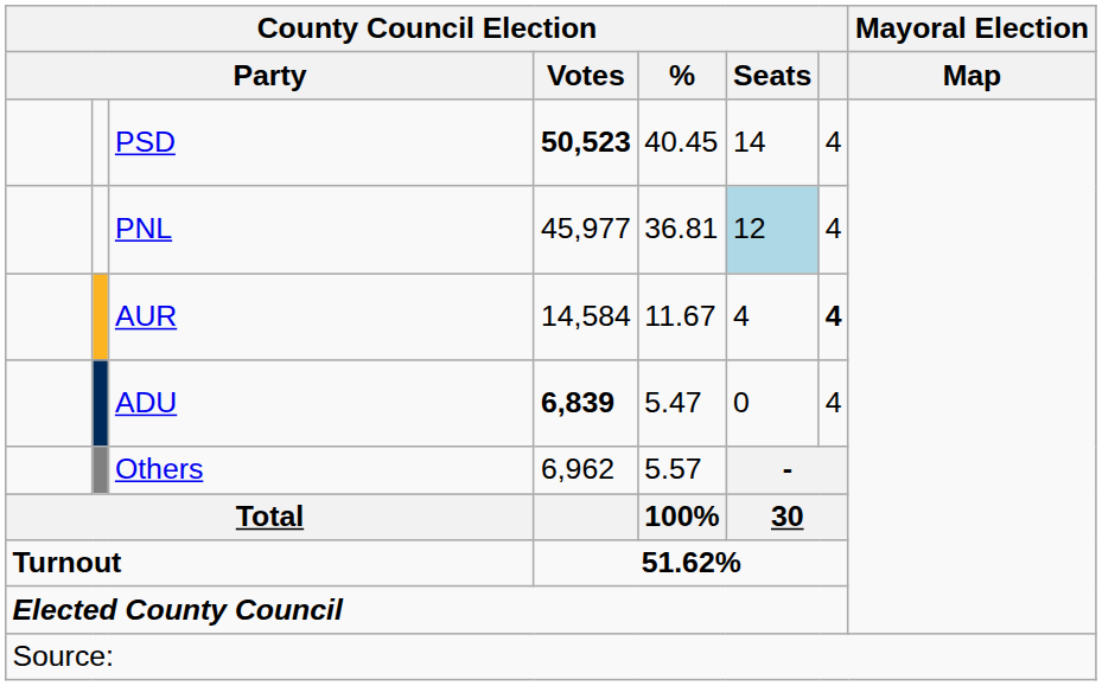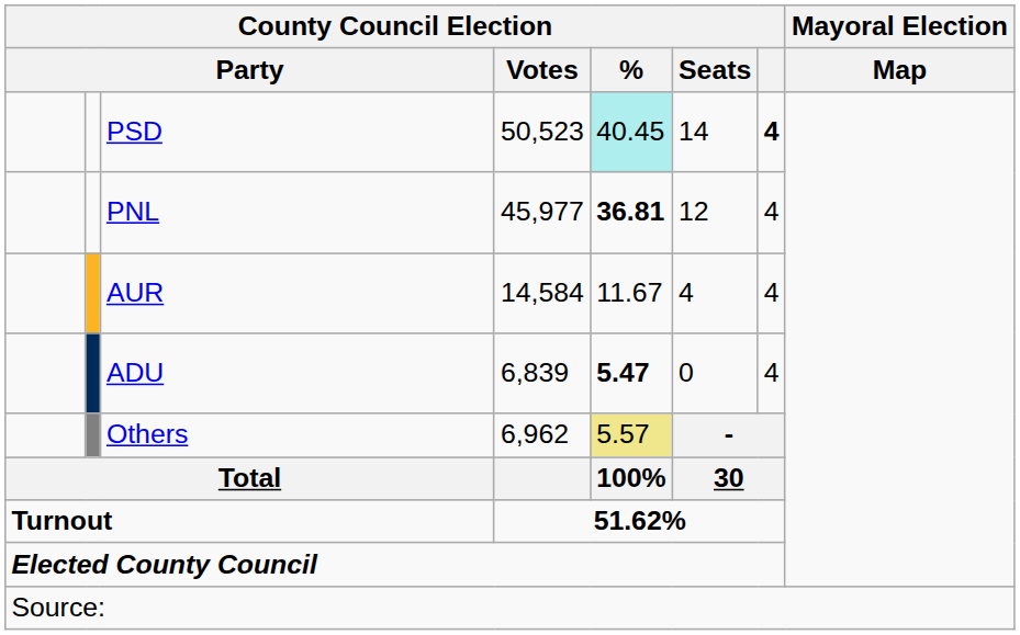 <table class="wikitable" style="text-align:left">
 <tr>
 <th colspan="7">County Council Election</th>
 <th>Mayoral Election</th>
 </tr>
 <tr>
 <th colspan="3" width="280">Party</th>
 <th>Votes</th>
 <th>%</th>
 <th>Seats</th>
 <th></th>
 <th>Map</th>
 </tr>
 <tr>
 <td width="40" height="40"></td>
 <td style="color:inherit;background:"></td>
 <td align="left"><a href='#'>PSD</a></td>
-<td><strong>50,523</strong></td>
-<td>40.45</td>
+<td>50,523</td>
+<td style="background: paleturquoise;">40.45</td>
 <td>14</td>
-<td>4</td>
+<td><strong>4</strong></td>
 <td rowspan="8"></td>
 </tr>
 <tr>
 <td height="40"></td>
 <td width="1" style="color:inherit;background:"></td>
 <td align="left"><a href='#'>PNL</a></td>
 <td>45,977</td>
-<td>36.81</td>
-<td style="background: lightblue;">12</td>
+<td><strong>36.81</strong></td>
+<td>12</td>
 <td>4</td>
 </tr>
 <tr>
 <td height="40"></td>
 <td style="background:#FCB521;"></td>
 <td align="left"><a href='#'>AUR</a></td>
 <td>14,584</td>
 <td>11.67</td>
 <td>4</td>
-<td><strong>4</strong></td>
+<td>4</td>
 </tr>
 <tr>
 <td height="40"></td>
 <td style="background:#002A59;"></td>
 <td align="left"><a href='#'>ADU</a></td>
-<td><strong>6,839</strong></td>
-<td>5.47</td>
+<td>6,839</td>
+<td><strong>5.47</strong></td>
 <td>0</td>
 <td>4</td>
 </tr>
 <tr>
 <td></td>
 <td style="background-color:Grey "></td>
 <td align="left"><a href='#'>Others</a></td>
 <td>6,962</td>
-<td>5.57</td>
+<td style="background: khaki;">5.57</td>
 <th colspan="2">-</th>
 </tr>
 <tr>
 <th colspan="3"><strong><u>Total</u></strong></th>
 <th style="text-align:left"></th>
 <th style="text-align:left">100%</th>
 <th colspan="2"><strong><u>30</u></strong></th>
 </tr>
 <tr>
 <td colspan="3"><strong>Turnout</strong></td>
 <td colspan="4" style="text-align: center"><strong>51.62%</strong></td>
 </tr>
 <tr>
 <td colspan="7"><strong><em>Elected County Council</em></strong></td>
 </tr>
 <tr>
 <td colspan="8">Source: </td>
 </tr>
 </table>
